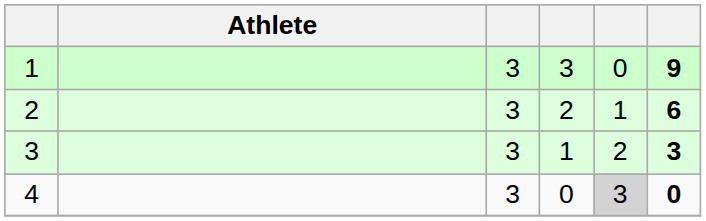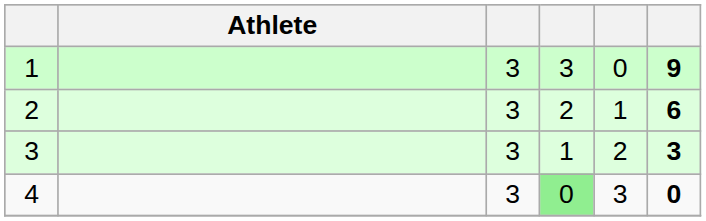 <table class="wikitable" style="text-align: center; font-size:100% ">
 <tr>
 <th width=25></th>
 <th width=250>Athlete</th>
 <th width=25></th>
 <th width=25></th>
 <th width=25></th>
 <th width=25></th>
 </tr>
 <tr bgcolor="ccffcc">
 <td>1</td>
 <td align=left></td>
 <td>3</td>
 <td>3</td>
 <td>0</td>
 <td><strong>9</strong></td>
 </tr>
 <tr bgcolor="ddffdd">
 <td>2</td>
 <td align=left></td>
 <td>3</td>
 <td>2</td>
 <td>1</td>
 <td><strong>6</strong></td>
 </tr>
 <tr bgcolor="ddffdd">
 <td>3</td>
 <td align=left></td>
 <td>3</td>
 <td>1</td>
 <td>2</td>
 <td><strong>3</strong></td>
 </tr>
 <tr>
 <td>4</td>
 <td align=left></td>
 <td>3</td>
-<td>0</td>
-<td style="background: lightgrey;">3</td>
+<td style="background: lightgreen;">0</td>
+<td>3</td>
 <td><strong>0</strong></td>
 </tr>
 <tr>
 </tr>
 </table>
